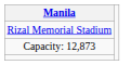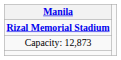 <table class="wikitable" style="text-align:center">
 <tr>
 <th><a href='#'>Manila</a></th>
 <td rowspan=4></td>
 </tr>
 <tr>
-<td><a href='#'>Rizal Memorial Stadium</a></td>
+<td><strong><a href='#'>Rizal Memorial Stadium</a></strong></td>
 </tr>
 <tr>
 <td>Capacity: 12,873</td>
 </tr>
 <tr>
 <td></td>
 </tr>
 </table>
